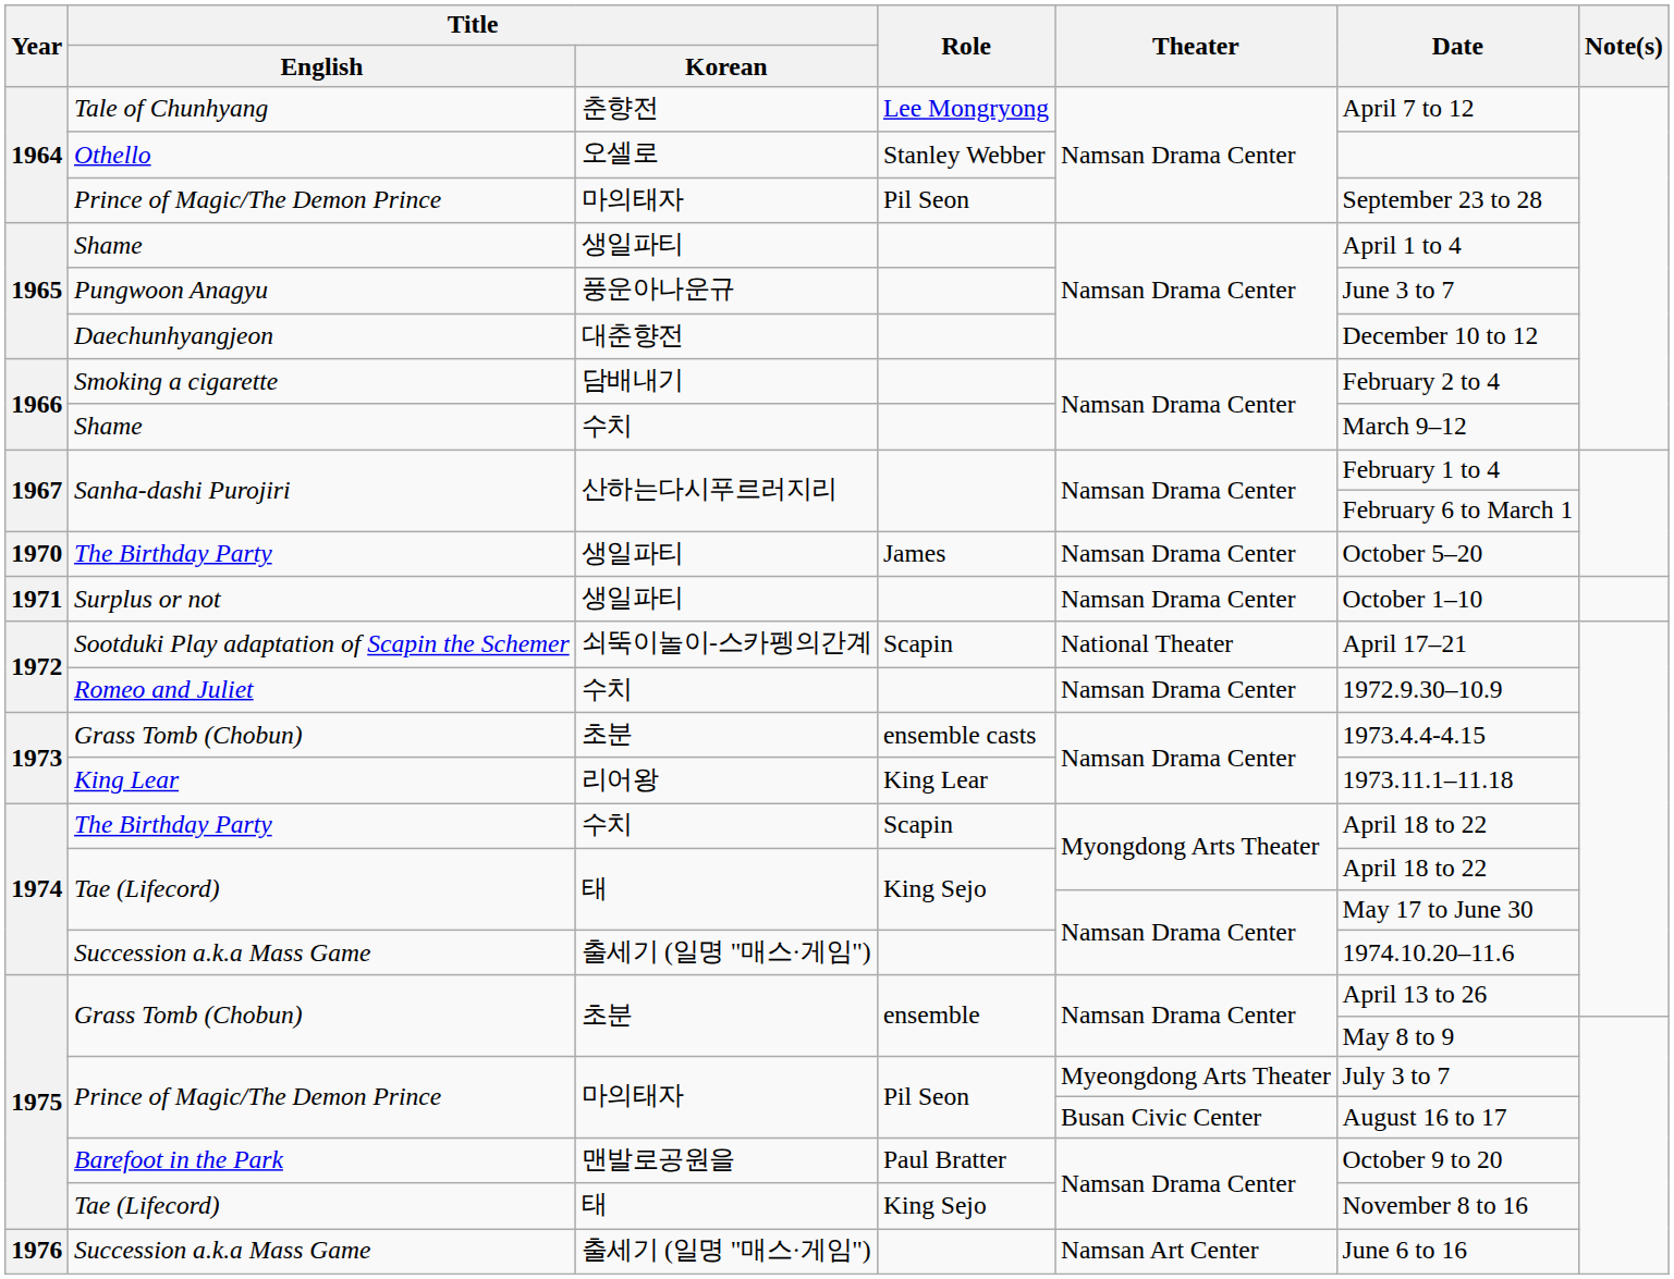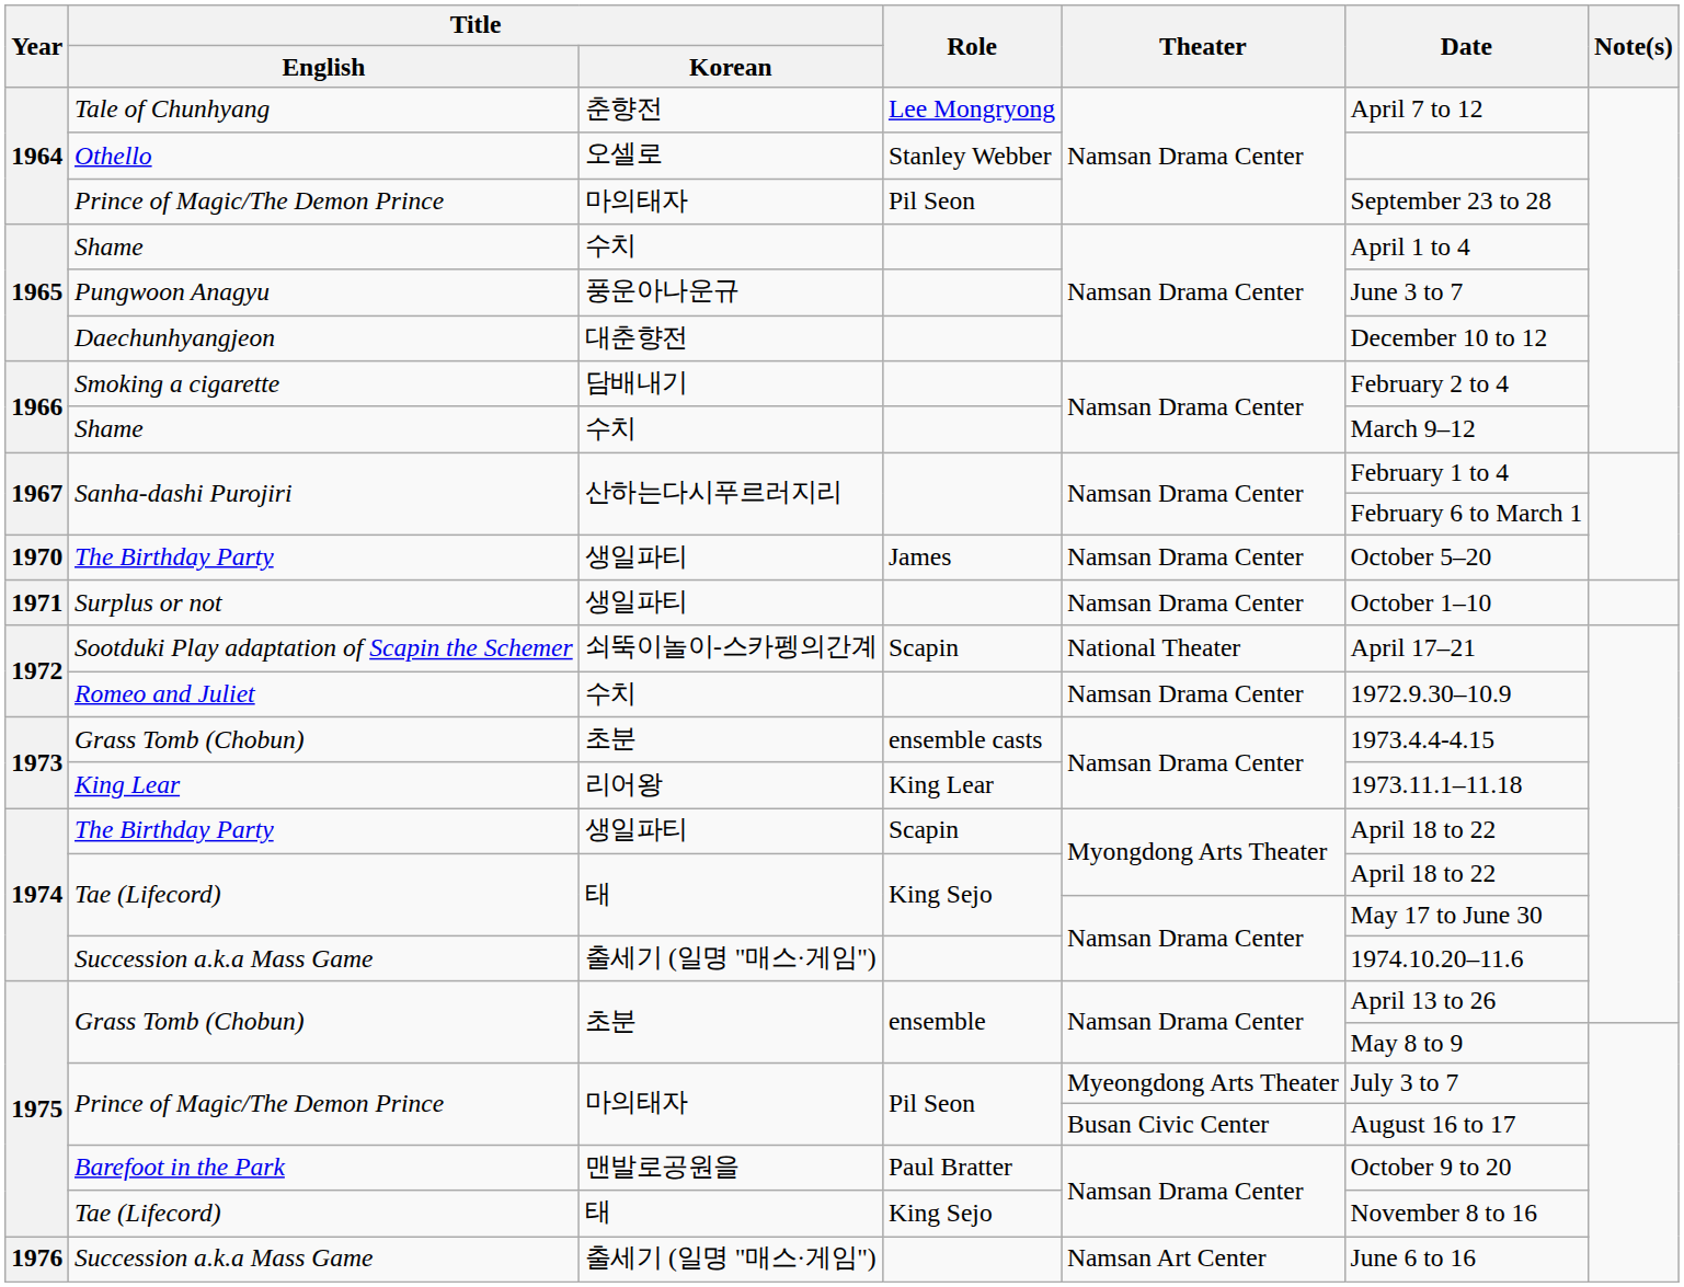 <table Class="wikitable sortable plainrowheaders" style="clear:none; font-size:100%;">
 <tr>
 <th scope="col" rowspan="2">Year</th>
 <th scope="col" colspan="2">Title</th>
 <th scope="col" rowspan="2">Role</th>
 <th scope="col" rowspan="2">Theater</th>
 <th scope="col" rowspan="2">Date</th>
 <th scope="col" rowspan="2">Note(s)</th>
 </tr>
 <tr>
 <th>English</th>
 <th>Korean</th>
 </tr>
 <tr>
 <th scope="row" rowspan="3">1964</th>
 <td><em>Tale of Chunhyang</em></td>
 <td>춘향전</td>
 <td><a href='#'>Lee Mongryong</a></td>
 <td rowspan="3">Namsan Drama Center</td>
 <td>April 7 to 12</td>
 <td rowspan="8"></td>
 </tr>
 <tr>
 <td><em><a href='#'>Othello</a></em></td>
 <td>오셀로</td>
 <td>Stanley Webber</td>
 <td></td>
 </tr>
 <tr>
 <td><em>Prince of Magic/The Demon Prince</em></td>
 <td>마의태자</td>
 <td>Pil Seon</td>
 <td>September 23 to 28</td>
 </tr>
 <tr>
 <th scope="row" rowspan="3">1965</th>
 <td><em>Shame</em></td>
-<td>생일파티</td>
+<td>수치</td>
 <td></td>
 <td rowspan="3">Namsan Drama Center</td>
 <td>April 1 to 4</td>
 </tr>
 <tr>
 <td><em>Pungwoon Anagyu</em></td>
 <td>풍운아나운규</td>
 <td></td>
 <td>June 3 to 7</td>
 </tr>
 <tr>
 <td><em>Daechunhyangjeon</em></td>
 <td>대춘향전</td>
 <td></td>
 <td>December 10 to 12</td>
 </tr>
 <tr>
 <th rowspan="2" scope="row">1966</th>
 <td><em>Smoking a cigarette</em></td>
 <td>담배내기</td>
 <td></td>
 <td rowspan="2">Namsan Drama Center</td>
 <td>February 2 to 4</td>
 </tr>
 <tr>
 <td><em>Shame</em></td>
 <td>수치</td>
 <td></td>
 <td>March 9–12</td>
 </tr>
 <tr>
 <th scope="row" rowspan="2">1967</th>
 <td rowspan="2"><em>Sanha-dashi Purojiri</em></td>
 <td rowspan="2">산하는다시푸르러지리</td>
 <td rowspan="2"></td>
 <td rowspan="2">Namsan Drama Center</td>
 <td>February 1 to 4</td>
 <td rowspan="3"></td>
 </tr>
 <tr>
 <td>February 6 to March 1</td>
 </tr>
 <tr>
 <th scope="row" rowspan="1">1970</th>
 <td><em><a href='#'>The Birthday Party</a></em></td>
 <td>생일파티</td>
 <td>James</td>
 <td>Namsan Drama Center</td>
 <td>October 5–20</td>
 </tr>
 <tr>
 <th scope="row">1971</th>
 <td><em>Surplus or not</em></td>
 <td>생일파티</td>
 <td></td>
 <td>Namsan Drama Center</td>
 <td>October 1–10</td>
 <td></td>
 </tr>
 <tr>
 <th rowspan="2" scope="row">1972</th>
 <td><em>Sootduki Play adaptation of <a href='#'>Scapin the Schemer</a></em></td>
 <td>쇠뚝이놀이-스카펭의간계</td>
 <td>Scapin</td>
 <td>National Theater</td>
 <td>April 17–21</td>
 <td rowspan="9"></td>
 </tr>
 <tr>
 <td><em><a href='#'>Romeo and Juliet</a></em></td>
 <td>수치</td>
 <td></td>
 <td>Namsan Drama Center</td>
 <td>1972.9.30–10.9</td>
 </tr>
 <tr>
 <th rowspan="2" scope="row">1973</th>
 <td><em>Grass Tomb (Chobun)</em></td>
 <td>초분</td>
 <td>ensemble casts</td>
 <td rowspan="2">Namsan Drama Center</td>
 <td>1973.4.4-4.15</td>
 </tr>
 <tr>
 <td><em><a href='#'>King Lear</a></em></td>
 <td>리어왕</td>
 <td>King Lear</td>
 <td>1973.11.1–11.18</td>
 </tr>
 <tr>
 <th rowspan="4" scope="row">1974</th>
 <td><em><a href='#'>The Birthday Party</a></em></td>
-<td>수치</td>
+<td>생일파티</td>
 <td>Scapin</td>
 <td rowspan="2">Myongdong Arts Theater</td>
 <td>April 18 to 22</td>
 </tr>
 <tr>
 <td rowspan="2"><em>Tae (Lifecord)</em></td>
 <td rowspan="2">태</td>
 <td rowspan="2">King Sejo</td>
 <td>April 18 to 22</td>
 </tr>
 <tr>
 <td rowspan="2">Namsan Drama Center</td>
 <td>May 17 to June 30</td>
 </tr>
 <tr>
 <td><em>Succession a.k.a Mass Game</em></td>
 <td>출세기  (일명 "매스·게임")</td>
 <td></td>
 <td>1974.10.20–11.6</td>
 </tr>
 <tr>
 <th rowspan="6" scope="row">1975</th>
 <td rowspan="2"><em>Grass Tomb (Chobun)</em></td>
 <td rowspan="2">초분</td>
 <td rowspan="2">ensemble</td>
 <td rowspan="2">Namsan Drama Center</td>
 <td>April 13 to 26</td>
 </tr>
 <tr>
 <td>May 8 to 9</td>
 <td rowspan="6"></td>
 </tr>
 <tr>
 <td rowspan="2"><em>Prince of Magic/The Demon Prince</em></td>
 <td rowspan="2">마의태자</td>
 <td rowspan="2">Pil Seon</td>
 <td>Myeongdong Arts Theater</td>
 <td>July 3 to 7</td>
 </tr>
 <tr>
 <td>Busan Civic Center</td>
 <td>August 16 to 17</td>
 </tr>
 <tr>
 <td><em><a href='#'>Barefoot in the Park</a></em></td>
 <td>맨발로공원을</td>
 <td>Paul Bratter</td>
 <td rowspan="2">Namsan Drama Center</td>
 <td>October 9 to 20</td>
 </tr>
 <tr>
 <td><em>Tae (Lifecord)</em></td>
 <td>태</td>
 <td>King Sejo</td>
 <td>November 8 to 16</td>
 </tr>
 <tr>
 <th scope="row">1976</th>
 <td><em>Succession a.k.a Mass Game</em></td>
 <td>출세기  (일명 "매스·게임")</td>
 <td></td>
 <td>Namsan Art Center</td>
 <td>June 6 to 16</td>
 </tr>
 </table>
